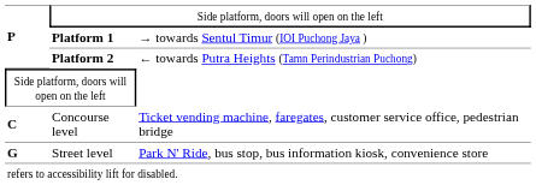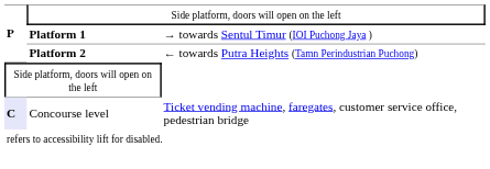 <table border="0" cellspacing="0" cellpadding="3" table>
 <tr>
 <td rowspan="4" style="border-top:solid 1px grey;border-bottom:solid 1px grey;"><strong>P</strong></td>
 <td colspan="2" style="border-top:solid 1px grey; border-right:solid 2px black; border-left:solid 2px black; border-bottom:solid 2px black; text-align:center;"><small>Side platform, doors will open on the left </small></td>
 </tr>
 <tr>
 <td style="border-bottom:solid 1px gray;color:#"><strong>Platform 1</strong></td>
 <td style="border-bottom:solid 1px grey;"><strong>→</strong>    towards <a href='#'>Sentul Timur</a> <small>(<a href='#'>IOI Puchong Jaya</a> )</small></td>
 </tr>
 <tr>
 <td style="color:#"><strong>Platform 2</strong></td>
 <td><strong>←</strong>    towards <a href='#'>Putra Heights</a> <small>(<a href='#'>Tamn Perindustrian Puchong</a>)</small></td>
 </tr>
 <tr>
 </tr>
 <tr>
 </tr>
 <tr>
 <td colspan="2" style="border-top:solid 2px black; border-right:solid 2px black; border-left:solid 2px black; border-bottom:solid 1px grey; text-align:center;"><small>Side platform, doors will open on the left </small></td>
 </tr>
 <tr>
-<td><strong>C</strong></td>
+<td style="background: lavender;"><strong>C</strong></td>
 <td>Concourse level</td>
 <td><a href='#'>Ticket vending machine</a>, <a href='#'>faregates</a>, customer service office, pedestrian bridge </td>
-</tr>
-<tr>
-<td style="width:50px; border-top:solid 1px gray; border-bottom:solid 1px gray; vertical-align:top;"><strong>G</strong></td>
-<td style="width:100px; border-top:solid 1px gray;border-bottom:solid 1px gray; vertical-align:top;">Street level</td>
-<td style="width:500px; border-top:solid 1px gray;border-bottom:solid 1px gray; vertical-align:top;"><a href='#'>Park N' Ride</a>, bus stop, bus information kiosk, convenience store </td>
 </tr>
 <tr>
 <td colspan="3"><small> refers to accessibility lift for disabled.</small></td>
 </tr>
 </table>
